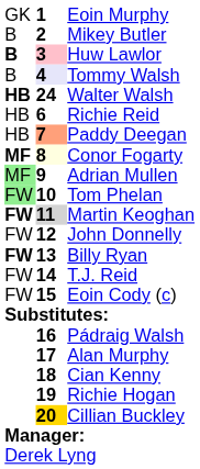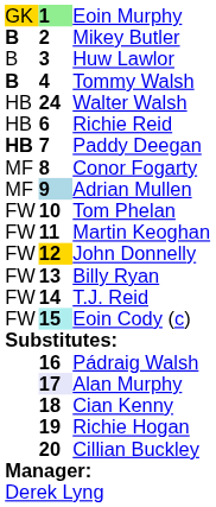 <table cellspacing="0" cellpadding="0" style="font-size:90%; margin:0.2em auto;">
 <tr>
 <th width="25"></th>
 <th width="25"></th>
 </tr>
 <tr>
-<td>GK</td>
-<td><strong>1</strong></td>
+<td style="background: gold;">GK</td>
+<td style="background: lightgreen;"><strong>1</strong></td>
 <td><a href='#'>Eoin Murphy</a></td>
 </tr>
 <tr>
-<td>B</td>
+<td><strong>B</strong></td>
 <td><strong>2</strong></td>
 <td><a href='#'>Mikey Butler</a></td>
 </tr>
 <tr>
-<td><strong>B</strong></td>
-<td style="background: pink;"><strong>3</strong></td>
+<td>B</td>
+<td><strong>3</strong></td>
 <td><a href='#'>Huw Lawlor</a></td>
 </tr>
 <tr>
-<td>B</td>
-<td style="background: lavender;"><strong>4</strong></td>
+<td><strong>B</strong></td>
+<td><strong>4</strong></td>
 <td><a href='#'>Tommy Walsh</a></td>
 </tr>
 <tr>
-<td><strong>HB</strong></td>
+<td>HB</td>
 <td><strong>24</strong></td>
 <td><a href='#'>Walter Walsh</a></td>
 <td></td>
 <td></td>
 </tr>
 <tr>
 <td>HB</td>
 <td><strong>6</strong></td>
 <td><a href='#'>Richie Reid</a></td>
 </tr>
 <tr>
-<td>HB</td>
-<td style="background: lightsalmon;"><strong>7</strong></td>
+<td><strong>HB</strong></td>
+<td><strong>7</strong></td>
 <td><a href='#'>Paddy Deegan</a></td>
 </tr>
 <tr>
-<td><strong>MF</strong></td>
-<td style="background: lightyellow;"><strong>8</strong></td>
+<td>MF</td>
+<td><strong>8</strong></td>
 <td><a href='#'>Conor Fogarty</a></td>
 <td></td>
 <td></td>
 </tr>
 <tr>
-<td style="background: lightgreen;">MF</td>
-<td><strong>9</strong></td>
+<td>MF</td>
+<td style="background: lightblue;"><strong>9</strong></td>
 <td><a href='#'>Adrian Mullen</a></td>
 </tr>
 <tr>
-<td style="background: lightgreen;">FW</td>
+<td>FW</td>
 <td><strong>10</strong></td>
 <td><a href='#'>Tom Phelan</a></td>
 <td></td>
 <td></td>
 </tr>
 <tr>
-<td><strong>FW</strong></td>
-<td style="background: lightgrey;"><strong>11</strong></td>
+<td>FW</td>
+<td><strong>11</strong></td>
 <td><a href='#'>Martin Keoghan</a></td>
 </tr>
 <tr>
 <td>FW</td>
-<td><strong>12</strong></td>
+<td style="background: gold;"><strong>12</strong></td>
 <td><a href='#'>John Donnelly</a></td>
 <td></td>
 <td></td>
 </tr>
 <tr>
-<td><strong>FW</strong></td>
+<td>FW</td>
 <td><strong>13</strong></td>
 <td><a href='#'>Billy Ryan</a></td>
 <td></td>
 <td></td>
 </tr>
 <tr>
 <td>FW</td>
 <td><strong>14</strong></td>
 <td><a href='#'>T.J. Reid</a></td>
 </tr>
 <tr>
 <td>FW</td>
-<td><strong>15</strong></td>
+<td style="background: paleturquoise;"><strong>15</strong></td>
 <td><a href='#'>Eoin Cody</a> (<a href='#'>c</a>)</td>
 </tr>
 <tr>
 <td colspan=3><strong>Substitutes:</strong></td>
 </tr>
 <tr>
 <td></td>
 <td><strong>16</strong></td>
 <td><a href='#'>Pádraig Walsh</a></td>
 <td></td>
 <td></td>
 </tr>
 <tr>
 <td></td>
-<td><strong>17</strong></td>
+<td style="background: lavender;"><strong>17</strong></td>
 <td><a href='#'>Alan Murphy</a></td>
 <td></td>
 <td></td>
 </tr>
 <tr>
 <td></td>
 <td><strong>18</strong></td>
 <td><a href='#'>Cian Kenny</a></td>
 <td></td>
 <td></td>
 </tr>
 <tr>
 <td></td>
 <td><strong>19</strong></td>
 <td><a href='#'>Richie Hogan</a></td>
 <td></td>
 <td></td>
 </tr>
 <tr>
 <td></td>
-<td style="background: gold;"><strong>20</strong></td>
+<td><strong>20</strong></td>
 <td><a href='#'>Cillian Buckley</a></td>
 <td></td>
 <td></td>
 </tr>
 <tr>
 <td colspan=3><strong>Manager:</strong></td>
 </tr>
 <tr>
 <td colspan=4><a href='#'>Derek Lyng</a></td>
 </tr>
 </table>
